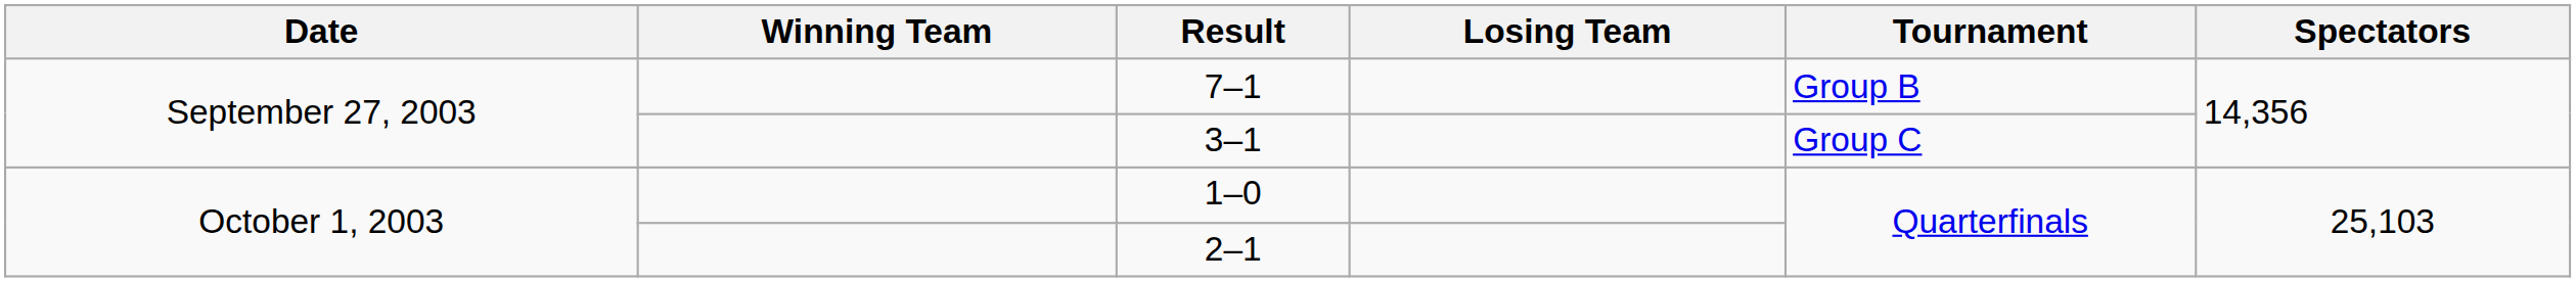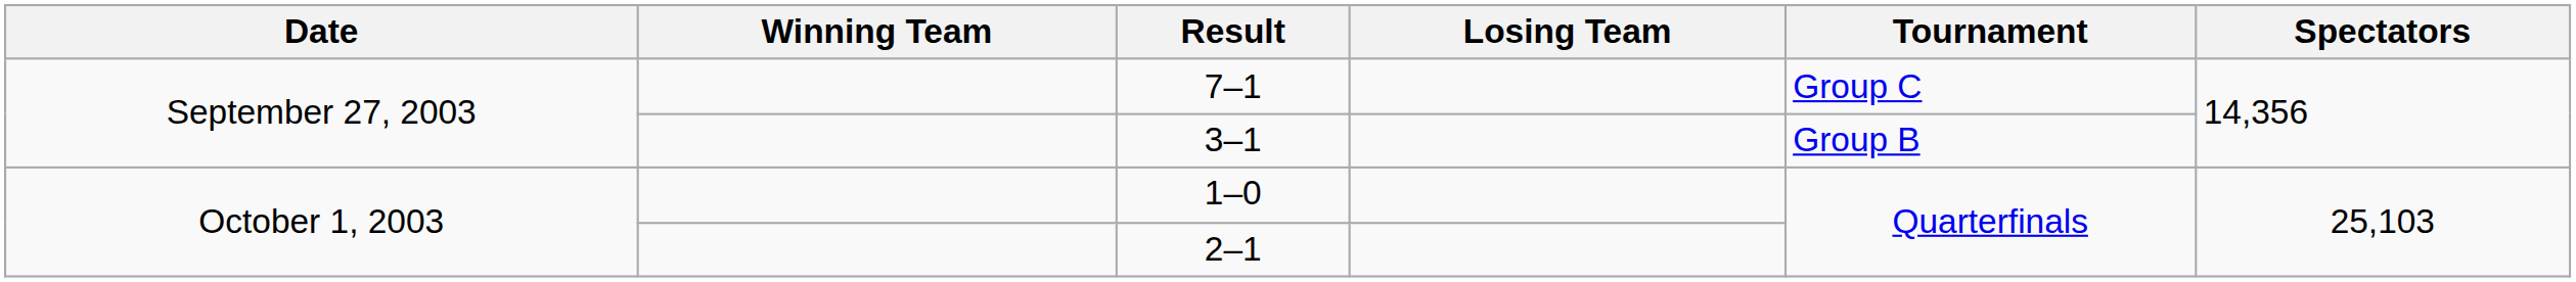 <table class="wikitable" style="text-align:left; width:95%;" style="text-align:center">
 <tr>
 <th style="text-align:center; ">Date</th>
 <th style="text-align:center; ">Winning Team</th>
 <th style="text-align:center; ">Result</th>
 <th style="text-align:center; ">Losing Team</th>
 <th style="text-align:center; ">Tournament</th>
 <th style="text-align:center; ">Spectators</th>
 </tr>
 <tr>
 <td style="text-align:center;" rowspan=2>September 27, 2003</td>
 <td><strong> </strong></td>
 <td style="text-align:center;">7–1</td>
 <td></td>
-<td><a href='#'>Group B</a></td>
+<td><a href='#'>Group C</a></td>
 <td rowspan=2>14,356</td>
 </tr>
 <tr>
 <td><strong> </strong></td>
 <td style="text-align:center;">3–1</td>
 <td></td>
-<td><a href='#'>Group C</a></td>
+<td><a href='#'>Group B</a></td>
 </tr>
 <tr>
 <td style="text-align:center;" rowspan=2>October 1, 2003</td>
 <td><strong> </strong></td>
 <td style="text-align:center;">1–0</td>
 <td></td>
 <td style="text-align:center;" rowspan=2><a href='#'>Quarterfinals</a></td>
 <td style="text-align:center;" rowspan=2>25,103</td>
 </tr>
 <tr>
 <td><strong> </strong></td>
 <td style="text-align:center;">2–1</td>
 <td></td>
 </tr>
 </table>
